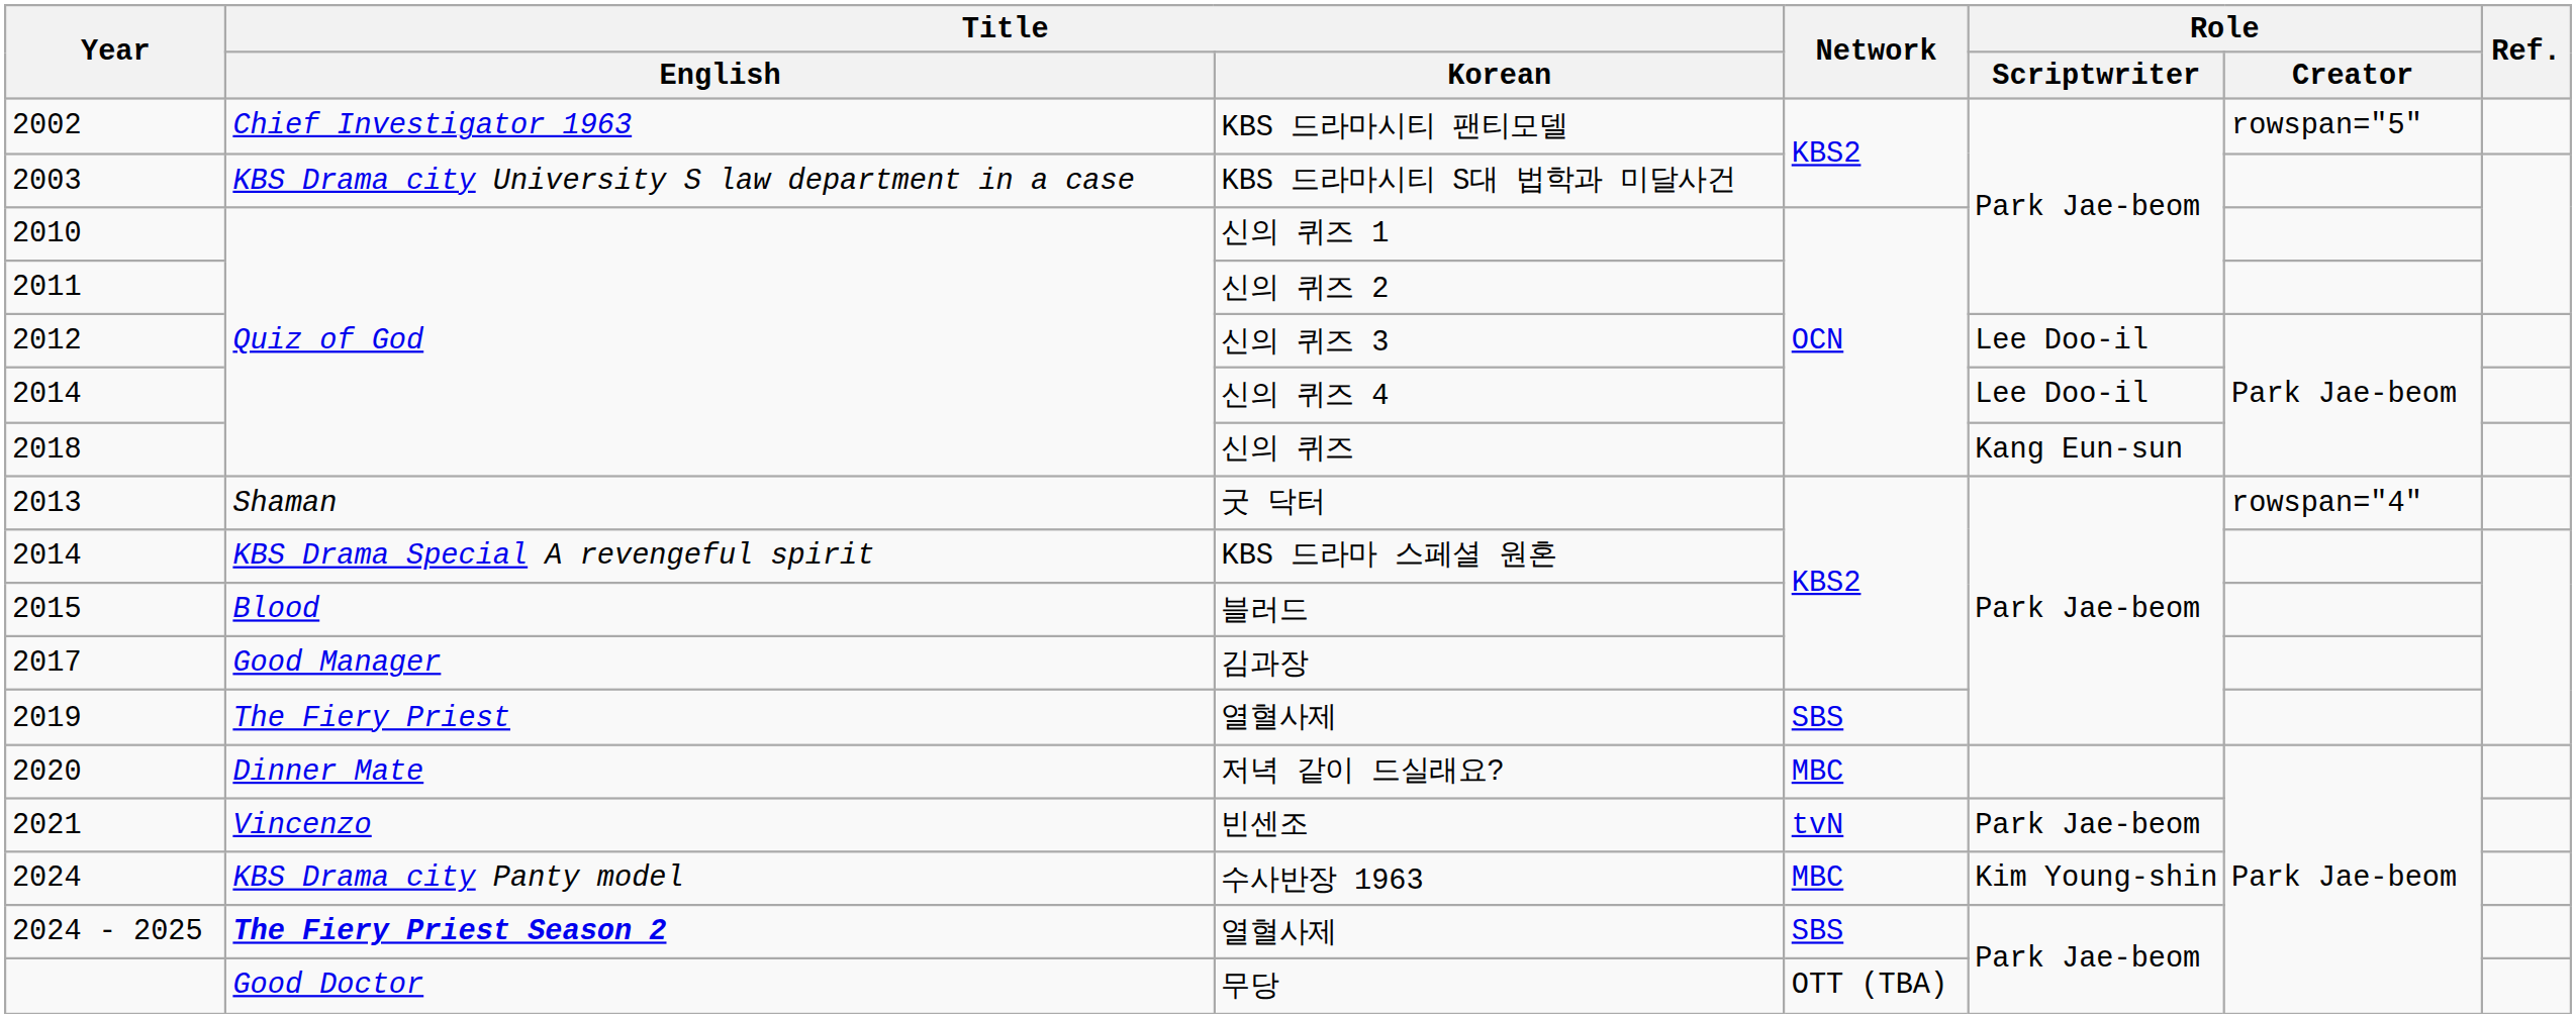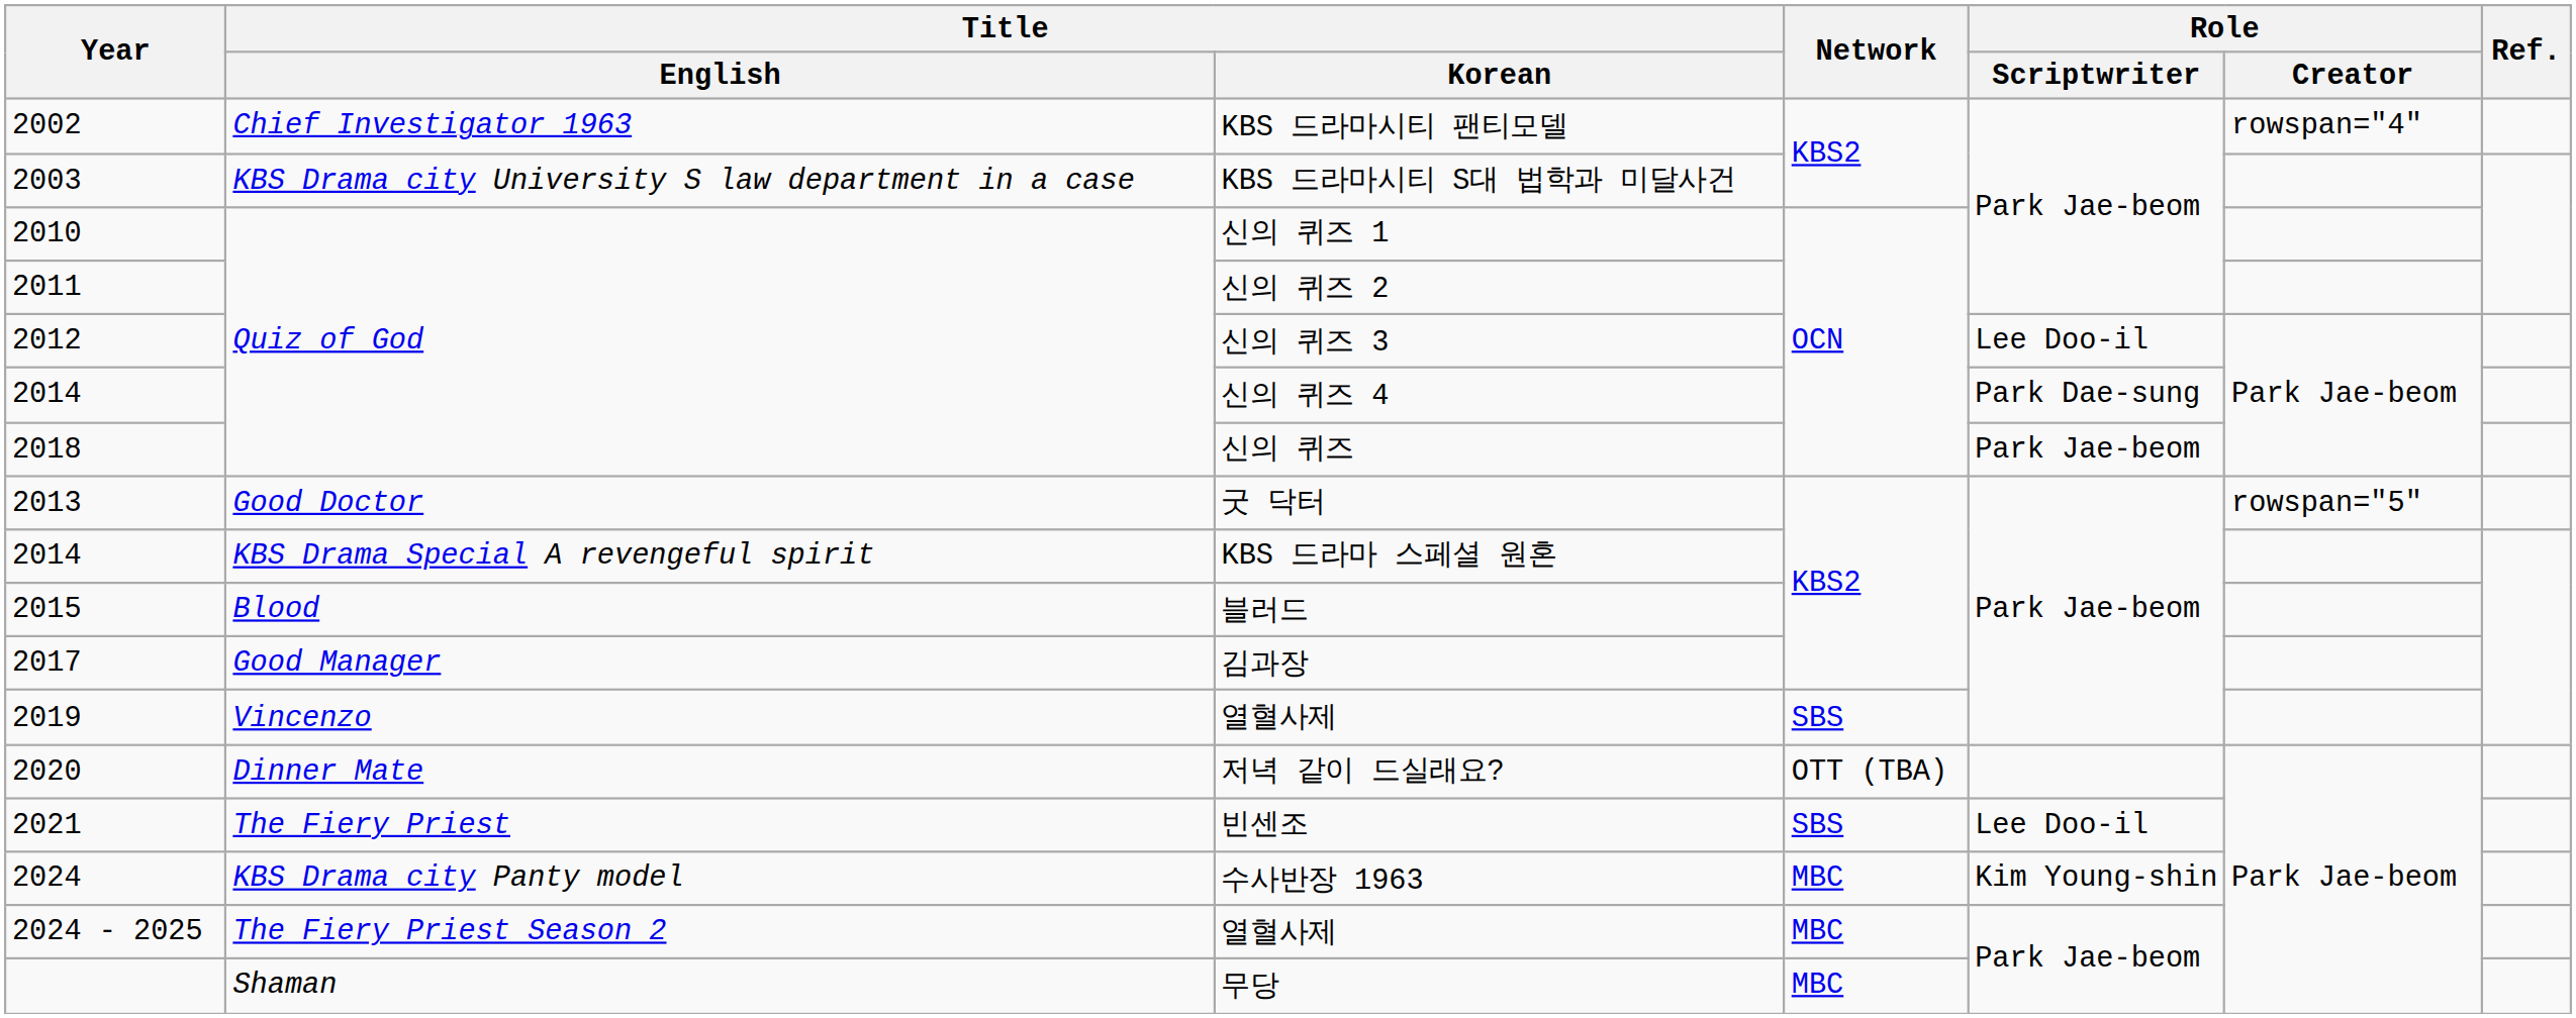 <table class="wikitable plainrowheaders">
 <tr>
 <th rowspan="2">Year</th>
 <th colspan="2">Title</th>
 <th rowspan="2">Network</th>
 <th colspan="2">Role</th>
 <th rowspan="2">Ref.</th>
 </tr>
 <tr>
 <th>English</th>
 <th>Korean</th>
 <th width="10%">Scriptwriter</th>
 <th width="10%">Creator</th>
 </tr>
 <tr>
 <td>2002</td>
 <td><em><a href='#'>Chief Investigator 1963</a></em></td>
 <td>KBS 드라마시티 팬티모델</td>
 <td rowspan="2"><a href='#'>KBS2</a></td>
 <td rowspan="4">Park Jae-beom</td>
-<td>rowspan="5" </td>
+<td>rowspan="4" </td>
 <td></td>
 </tr>
 <tr>
 <td>2003</td>
 <td><em><a href='#'>KBS Drama city</a> University S law department in a case</em></td>
 <td>KBS 드라마시티 S대 법학과 미달사건</td>
 <td></td>
 </tr>
 <tr>
 <td>2010</td>
 <td rowspan="5"><em><a href='#'>Quiz of God</a></em></td>
 <td>신의 퀴즈 1</td>
 <td rowspan="5"><a href='#'>OCN</a></td>
 <td></td>
 </tr>
 <tr>
 <td>2011</td>
 <td>신의 퀴즈 2</td>
 <td></td>
 </tr>
 <tr>
 <td>2012</td>
 <td>신의 퀴즈 3</td>
 <td>Lee Doo-il</td>
 <td rowspan="3">Park Jae-beom</td>
 <td></td>
 </tr>
 <tr>
 <td>2014</td>
 <td>신의 퀴즈 4</td>
-<td>Lee Doo-il</td>
+<td>Park Dae-sung</td>
 <td></td>
 </tr>
 <tr>
 <td>2018</td>
 <td>신의 퀴즈</td>
-<td>Kang Eun-sun</td>
+<td>Park Jae-beom</td>
 <td></td>
 </tr>
 <tr>
 <td>2013</td>
-<td><em>Shaman</em></td>
+<td><em><a href='#'>Good Doctor</a></em></td>
 <td>굿 닥터</td>
 <td rowspan="4"><a href='#'>KBS2</a></td>
 <td rowspan="5">Park Jae-beom</td>
-<td>rowspan="4" </td>
+<td>rowspan="5" </td>
 <td></td>
 </tr>
 <tr>
 <td>2014</td>
 <td><em><a href='#'>KBS Drama Special</a> A revengeful spirit</em></td>
 <td>KBS 드라마 스페셜 원혼</td>
 <td></td>
 </tr>
 <tr>
 <td>2015</td>
 <td><a href='#'><em>Blood</em></a></td>
 <td>블러드</td>
 <td></td>
 </tr>
 <tr>
 <td>2017</td>
 <td><em><a href='#'>Good Manager</a></em></td>
 <td>김과장</td>
 <td></td>
 </tr>
 <tr>
 <td>2019</td>
-<td><em><a href='#'>The Fiery Priest</a></em></td>
+<td><em><a href='#'>Vincenzo</a></em></td>
 <td>열혈사제</td>
 <td><a href='#'>SBS</a></td>
 <td></td>
 </tr>
 <tr>
 <td>2020</td>
 <td><em><a href='#'>Dinner Mate</a></em></td>
 <td>저녁 같이 드실래요?</td>
-<td><a href='#'>MBC</a></td>
+<td>OTT (TBA)</td>
 <td></td>
 <td rowspan="5">Park Jae-beom</td>
 <td></td>
 </tr>
 <tr>
 <td>2021</td>
-<td><em><a href='#'>Vincenzo</a></em></td>
+<td><em><a href='#'>The Fiery Priest</a></em></td>
 <td>빈센조</td>
-<td><a href='#'>tvN</a></td>
-<td>Park Jae-beom</td>
+<td><a href='#'>SBS</a></td>
+<td>Lee Doo-il</td>
 <td></td>
 </tr>
 <tr>
 <td>2024</td>
 <td><em><a href='#'>KBS Drama city</a> Panty model</em></td>
 <td>수사반장 1963</td>
 <td><a href='#'>MBC</a></td>
 <td>Kim Young-shin</td>
 <td></td>
 </tr>
 <tr>
 <td>2024 - 2025</td>
-<td><strong><em><a href='#'>The Fiery Priest Season 2</a></em></strong></td>
+<td><em><a href='#'>The Fiery Priest Season 2</a></em></td>
 <td>열혈사제</td>
-<td><a href='#'>SBS</a></td>
+<td><a href='#'>MBC</a></td>
 <td rowspan="2">Park Jae-beom</td>
 <td></td>
 </tr>
 <tr>
 <td></td>
-<td><em><a href='#'>Good Doctor</a></em></td>
+<td><em>Shaman</em></td>
 <td>무당</td>
-<td>OTT (TBA)</td>
+<td><a href='#'>MBC</a></td>
 <td></td>
 </tr>
 </table>
